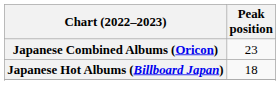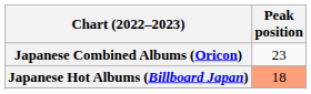 <table class="wikitable sortable plainrowheaders" style="text-align:center;">
 <tr>
 <th scope="col">Chart (2022–2023)</th>
 <th scope="col">Peak<br>position</th>
 </tr>
 <tr>
 <th scope="row">Japanese Combined Albums (<a href='#'>Oricon</a>)</th>
 <td>23</td>
 </tr>
 <tr>
 <th scope="row">Japanese Hot Albums (<em><a href='#'>Billboard Japan</a></em>)</th>
-<td>18</td>
+<td style="background: lightsalmon;">18</td>
 </tr>
 <tr>
 </tr>
 <tr>
 </tr>
 </table>
